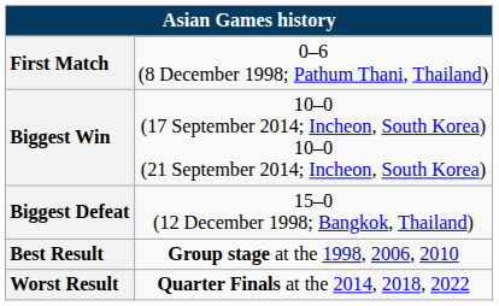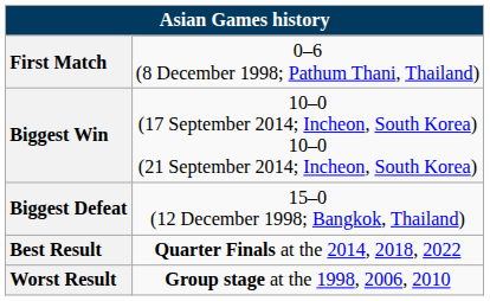 <table class="wikitable" style="text-align: center; font-size:100%">
 <tr>
 <th colspan="6" style="background: #013A5E; color: #FFFFFF;">Asian Games history</th>
 </tr>
 <tr>
 <th style="text-align: left;">First Match</th>
 <td align=center> 0–6 <br>(8 December 1998; <a href='#'>Pathum Thani</a>, <a href='#'>Thailand</a>)</td>
 </tr>
 <tr>
 <th style="text-align: left;">Biggest Win</th>
 <td align=center> 10–0 <br>(17 September 2014; <a href='#'>Incheon</a>, <a href='#'>South Korea</a>)<br> 10–0 <br>(21 September 2014; <a href='#'>Incheon</a>, <a href='#'>South Korea</a>)</td>
 </tr>
 <tr>
 <th style="text-align: left;">Biggest Defeat</th>
 <td align=center> 15–0 <br>(12 December 1998; <a href='#'>Bangkok</a>, <a href='#'>Thailand</a>)</td>
 </tr>
 <tr>
 <th style="text-align: left;">Best Result</th>
-<td><strong>Group stage</strong> at the <a href='#'>1998</a>, <a href='#'>2006</a>, <a href='#'>2010</a></td>
+<td><strong>Quarter Finals</strong> at the <a href='#'>2014</a>, <a href='#'>2018</a>, <a href='#'>2022</a></td>
 </tr>
 <tr>
 <th style="text-align: left;">Worst Result</th>
-<td><strong>Quarter Finals</strong> at the <a href='#'>2014</a>, <a href='#'>2018</a>, <a href='#'>2022</a></td>
+<td><strong>Group stage</strong> at the <a href='#'>1998</a>, <a href='#'>2006</a>, <a href='#'>2010</a></td>
 </tr>
 </table>
